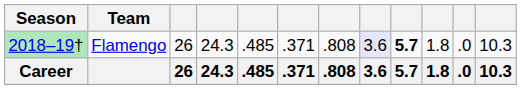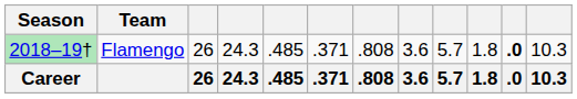 <table class="wikitable sortable" style="font-size:95%; text-align:center;">
 <tr>
 <th>Season</th>
 <th>Team</th>
 <th></th>
 <th></th>
 <th></th>
 <th></th>
 <th></th>
 <th></th>
 <th></th>
 <th></th>
 <th></th>
 <th></th>
 </tr>
 <tr>
 <td style="text-align:center;background:#afe6ba;"><a href='#'>2018–19</a>†</td>
 <td><a href='#'>Flamengo</a></td>
 <td>26</td>
 <td>24.3</td>
 <td>.485</td>
 <td>.371</td>
 <td>.808</td>
-<td style="background: lavender;">3.6</td>
-<td><strong>5.7</strong></td>
+<td>3.6</td>
+<td>5.7</td>
 <td>1.8</td>
-<td>.0</td>
+<td><strong>.0</strong></td>
 <td>10.3</td>
 </tr>
 <tr>
 <th>Career</th>
 <th></th>
 <th>26</th>
 <th>24.3</th>
 <th>.485</th>
 <th>.371</th>
 <th>.808</th>
 <th>3.6</th>
 <th>5.7</th>
 <th>1.8</th>
 <th>.0</th>
 <th>10.3</th>
 </tr>
 <tr>
 </tr>
 </table>
